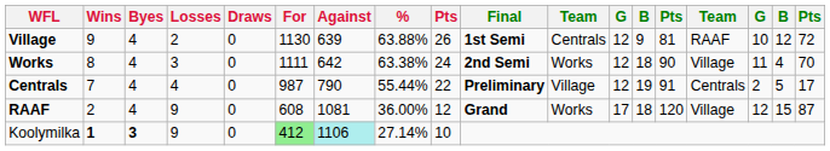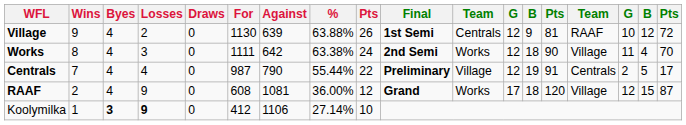 <table class="wikitable">
 <tr>
 <th style="color:crimson">WFL</th>
 <th style="color:crimson">Wins</th>
 <th style="color:crimson">Byes</th>
 <th style="color:crimson">Losses</th>
 <th style="color:crimson">Draws</th>
 <th style="color:crimson">For</th>
 <th style="color:crimson">Against</th>
 <th style="color:crimson">%</th>
 <th style="color:crimson">Pts</th>
 <th style="color:green">Final</th>
 <th style="color:green">Team</th>
 <th style="color:green">G</th>
 <th style="color:green">B</th>
 <th style="color:green">Pts</th>
 <th style="color:green">Team</th>
 <th style="color:green">G</th>
 <th style="color:green">B</th>
 <th style="color:green">Pts</th>
 </tr>
 <tr>
 <td><strong>	Village	</strong></td>
 <td>9</td>
 <td>4</td>
 <td>2</td>
 <td>0</td>
 <td>1130</td>
 <td>639</td>
 <td>63.88%</td>
 <td>26</td>
 <td><strong>1st Semi</strong></td>
 <td>Centrals</td>
 <td>12</td>
 <td>9</td>
 <td>81</td>
 <td>RAAF</td>
 <td>10</td>
 <td>12</td>
 <td>72</td>
 </tr>
 <tr>
 <td><strong>	Works	</strong></td>
 <td>8</td>
 <td>4</td>
 <td>3</td>
 <td>0</td>
 <td>1111</td>
 <td>642</td>
 <td>63.38%</td>
 <td>24</td>
 <td><strong>2nd Semi</strong></td>
 <td>Works</td>
 <td>12</td>
 <td>18</td>
 <td>90</td>
 <td>Village</td>
 <td>11</td>
 <td>4</td>
 <td>70</td>
 </tr>
 <tr>
 <td><strong>	Centrals	</strong></td>
 <td>7</td>
 <td>4</td>
 <td>4</td>
 <td>0</td>
 <td>987</td>
 <td>790</td>
 <td>55.44%</td>
 <td>22</td>
 <td><strong>Preliminary</strong></td>
 <td>Village</td>
 <td>12</td>
 <td>19</td>
 <td>91</td>
 <td>Centrals</td>
 <td>2</td>
 <td>5</td>
 <td>17</td>
 </tr>
 <tr>
 <td><strong>	RAAF	</strong></td>
 <td>2</td>
 <td>4</td>
 <td>9</td>
 <td>0</td>
 <td>608</td>
 <td>1081</td>
 <td>36.00%</td>
 <td>12</td>
 <td><strong>Grand</strong></td>
 <td>Works</td>
 <td>17</td>
 <td>18</td>
 <td>120</td>
 <td>Village</td>
 <td>12</td>
 <td>15</td>
 <td>87</td>
 </tr>
 <tr>
 <td>Koolymilka</td>
-<td><strong>1</strong></td>
+<td>1</td>
 <td><strong>3</strong></td>
-<td>9</td>
+<td><strong>9</strong></td>
 <td>0</td>
-<td style="background: lightgreen;">412</td>
-<td style="background: paleturquoise;">1106</td>
+<td>412</td>
+<td>1106</td>
 <td>27.14%</td>
 <td>10</td>
 </tr>
 </table>
